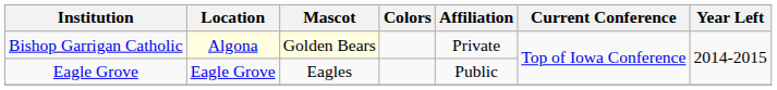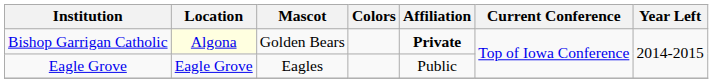 <table class="wikitable" style="text-align: center;">
 <tr>
 <th>Institution</th>
 <th>Location</th>
 <th>Mascot</th>
 <th>Colors</th>
 <th>Affiliation</th>
 <th>Current Conference</th>
 <th>Year Left</th>
 </tr>
 <tr>
 <td><a href='#'>Bishop Garrigan Catholic</a></td>
 <td style="background: lightyellow;"><a href='#'>Algona</a></td>
-<td style="background: lightyellow;">Golden Bears</td>
+<td>Golden Bears</td>
 <td> </td>
-<td>Private</td>
+<td><strong>Private</strong></td>
 <td rowspan="2"><a href='#'>Top of Iowa Conference</a></td>
 <td rowspan="2">2014-2015</td>
 </tr>
 <tr>
 <td><a href='#'>Eagle Grove</a></td>
 <td><a href='#'>Eagle Grove</a></td>
 <td>Eagles</td>
 <td> </td>
 <td>Public</td>
 </tr>
 <tr>
 </tr>
 </table>
